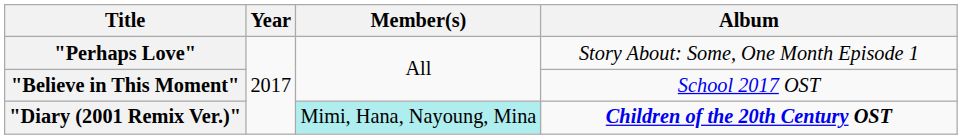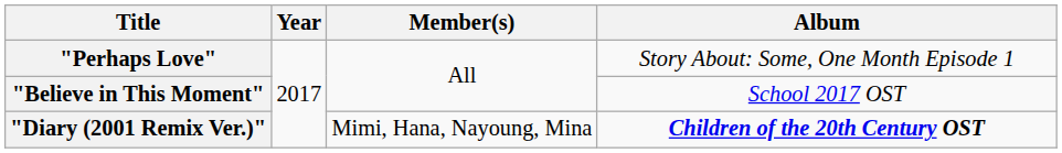 <table class="wikitable plainrowheaders" style="text-align:center">
 <tr>
 <th scope="col">Title</th>
 <th scope="col">Year</th>
 <th scope="col">Member(s)</th>
 <th scope="col" style="width:20em;">Album</th>
 </tr>
 <tr>
 <th scope="row">"Perhaps Love"<br> </th>
 <td rowspan="3">2017</td>
 <td rowspan="2">All</td>
 <td><em>Story About: Some, One Month Episode 1</em></td>
 </tr>
 <tr>
 <th scope="row">"Believe in This Moment"<br></th>
 <td><em><a href='#'>School 2017</a> OST</em></td>
 </tr>
 <tr>
 <th scope="row">"Diary (2001 Remix Ver.)"<br></th>
-<td style="background: paleturquoise;">Mimi, Hana, Nayoung, Mina</td>
+<td>Mimi, Hana, Nayoung, Mina</td>
 <td><strong><em><a href='#'>Children of the 20th Century</a> OST</em></strong></td>
 </tr>
 </table>
